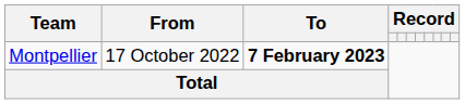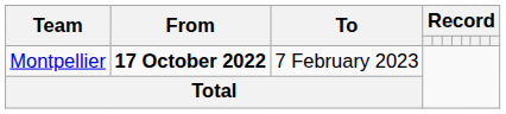 <table class="wikitable" style="text-align:center">
 <tr>
 <th rowspan="2">Team</th>
 <th rowspan="2">From</th>
 <th rowspan="2">To</th>
 <th colspan="8">Record</th>
 </tr>
 <tr>
 <th></th>
 <th></th>
 <th></th>
 <th></th>
 <th></th>
 <th></th>
 <th></th>
 <th></th>
 </tr>
 <tr>
 <td><a href='#'>Montpellier</a></td>
-<td align=left>17 October 2022</td>
-<td align=left><strong>7 February 2023<br></strong></td>
+<td align=left><strong>17 October 2022</strong></td>
+<td align=left>7 February 2023<br></td>
 </tr>
 <tr>
 <th colspan="3">Total<br></th>
 </tr>
 </table>
